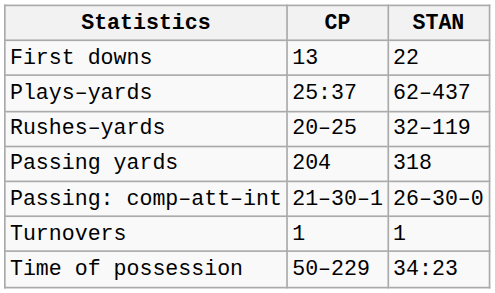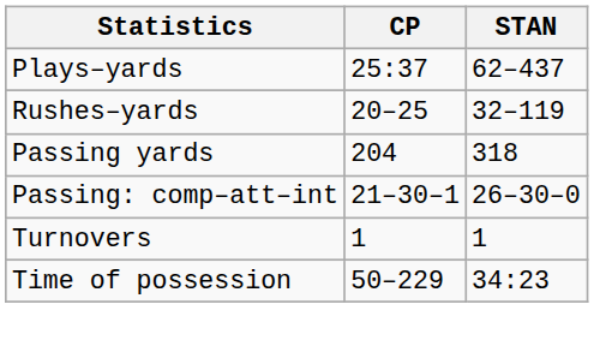 <table class="wikitable" style="float:left">
 <tr>
 <th>Statistics</th>
 <th>CP</th>
 <th>STAN</th>
-</tr>
-<tr>
-<td>First downs</td>
-<td>13</td>
-<td>22</td>
 </tr>
 <tr>
 <td>Plays–yards</td>
 <td>25:37</td>
 <td>62–437</td>
 </tr>
 <tr>
 <td>Rushes–yards</td>
 <td>20–25</td>
 <td>32–119</td>
 </tr>
 <tr>
 <td>Passing yards</td>
 <td>204</td>
 <td>318</td>
 </tr>
 <tr>
 <td>Passing: comp–att–int</td>
 <td>21–30–1</td>
 <td>26–30–0</td>
 </tr>
 <tr>
 <td>Turnovers</td>
 <td>1</td>
 <td>1</td>
 </tr>
 <tr>
 <td>Time of possession</td>
 <td>50–229</td>
 <td>34:23</td>
 </tr>
 </table>
